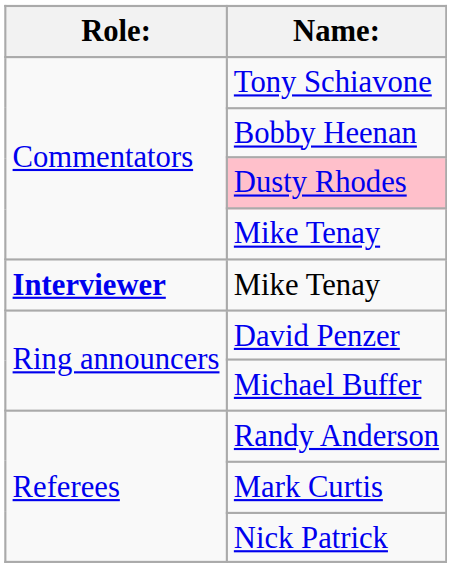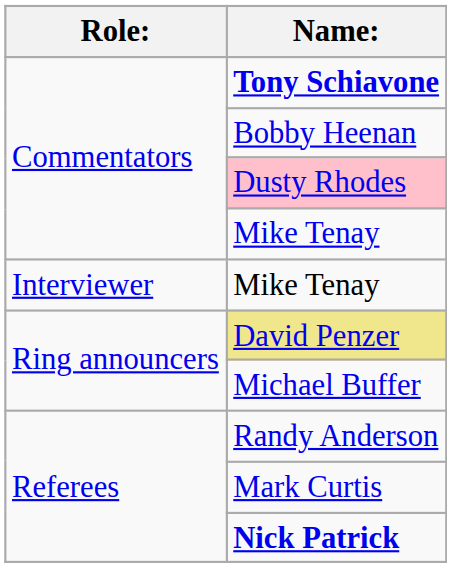 <table class=wikitable style="font-size:90%; margin: 0.5em 0 0.5em 1em; float: right; clear: right;">
 <tr>
 <th>Role:</th>
 <th>Name:</th>
 </tr>
 <tr>
 <td rowspan=4><a href='#'>Commentators</a></td>
-<td><a href='#'>Tony Schiavone</a></td>
+<td><strong><a href='#'>Tony Schiavone</a></strong></td>
 </tr>
 <tr>
 <td><a href='#'>Bobby Heenan</a></td>
 </tr>
 <tr>
 <td style="background: pink;"><a href='#'>Dusty Rhodes</a></td>
 </tr>
 <tr>
 <td><a href='#'>Mike Tenay</a></td>
 </tr>
 <tr>
-<td><strong><a href='#'>Interviewer</a></strong></td>
+<td><a href='#'>Interviewer</a></td>
 <td>Mike Tenay</td>
 </tr>
 <tr>
 <td rowspan=2><a href='#'>Ring announcers</a></td>
-<td><a href='#'>David Penzer</a></td>
+<td style="background: khaki;"><a href='#'>David Penzer</a></td>
 </tr>
 <tr>
 <td><a href='#'>Michael Buffer</a></td>
 </tr>
 <tr>
 <td rowspan=3><a href='#'>Referees</a></td>
 <td><a href='#'>Randy Anderson</a></td>
 </tr>
 <tr>
 <td><a href='#'>Mark Curtis</a></td>
 </tr>
 <tr>
-<td><a href='#'>Nick Patrick</a></td>
+<td><strong><a href='#'>Nick Patrick</a></strong></td>
 </tr>
 </table>
